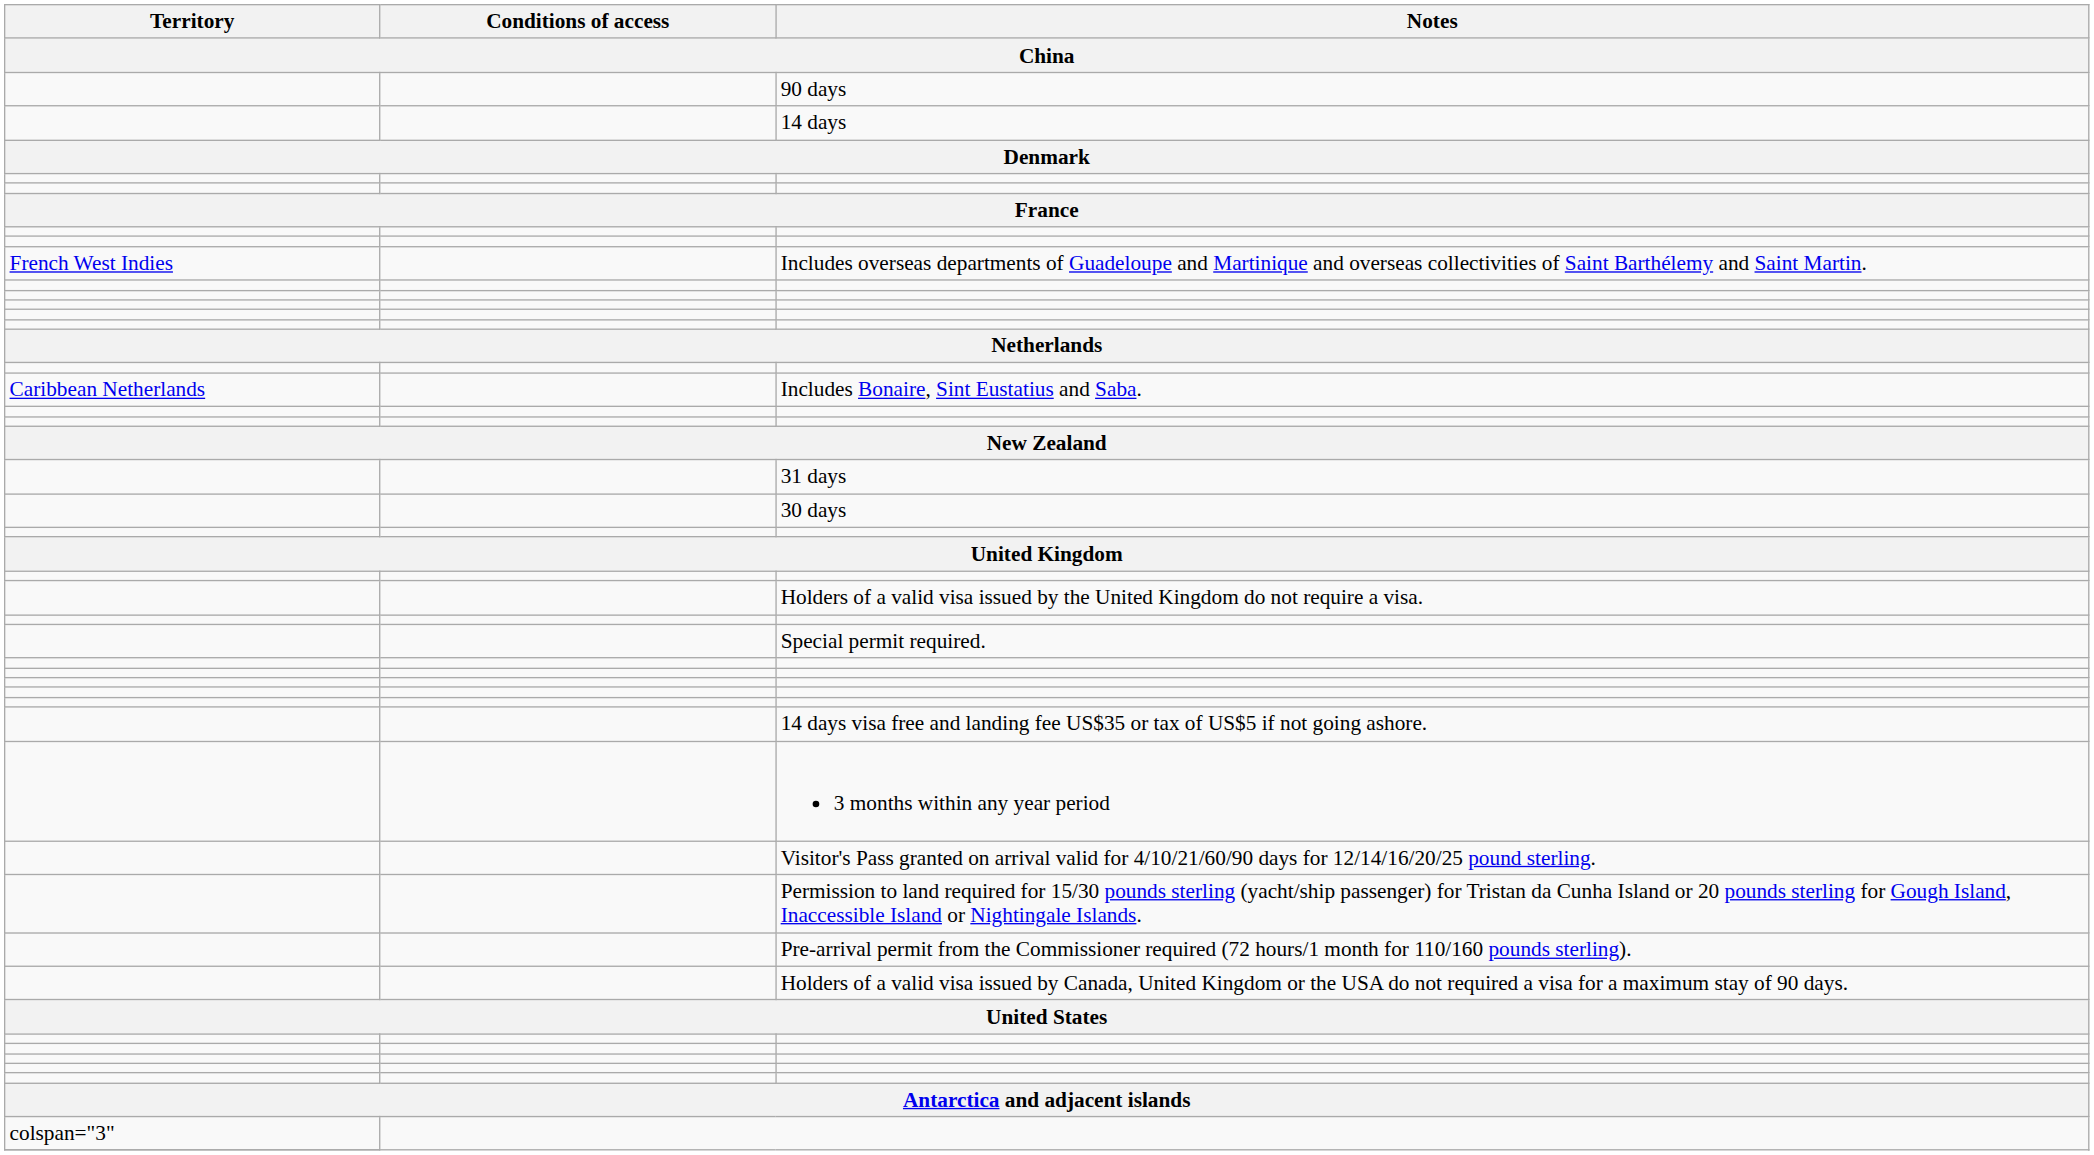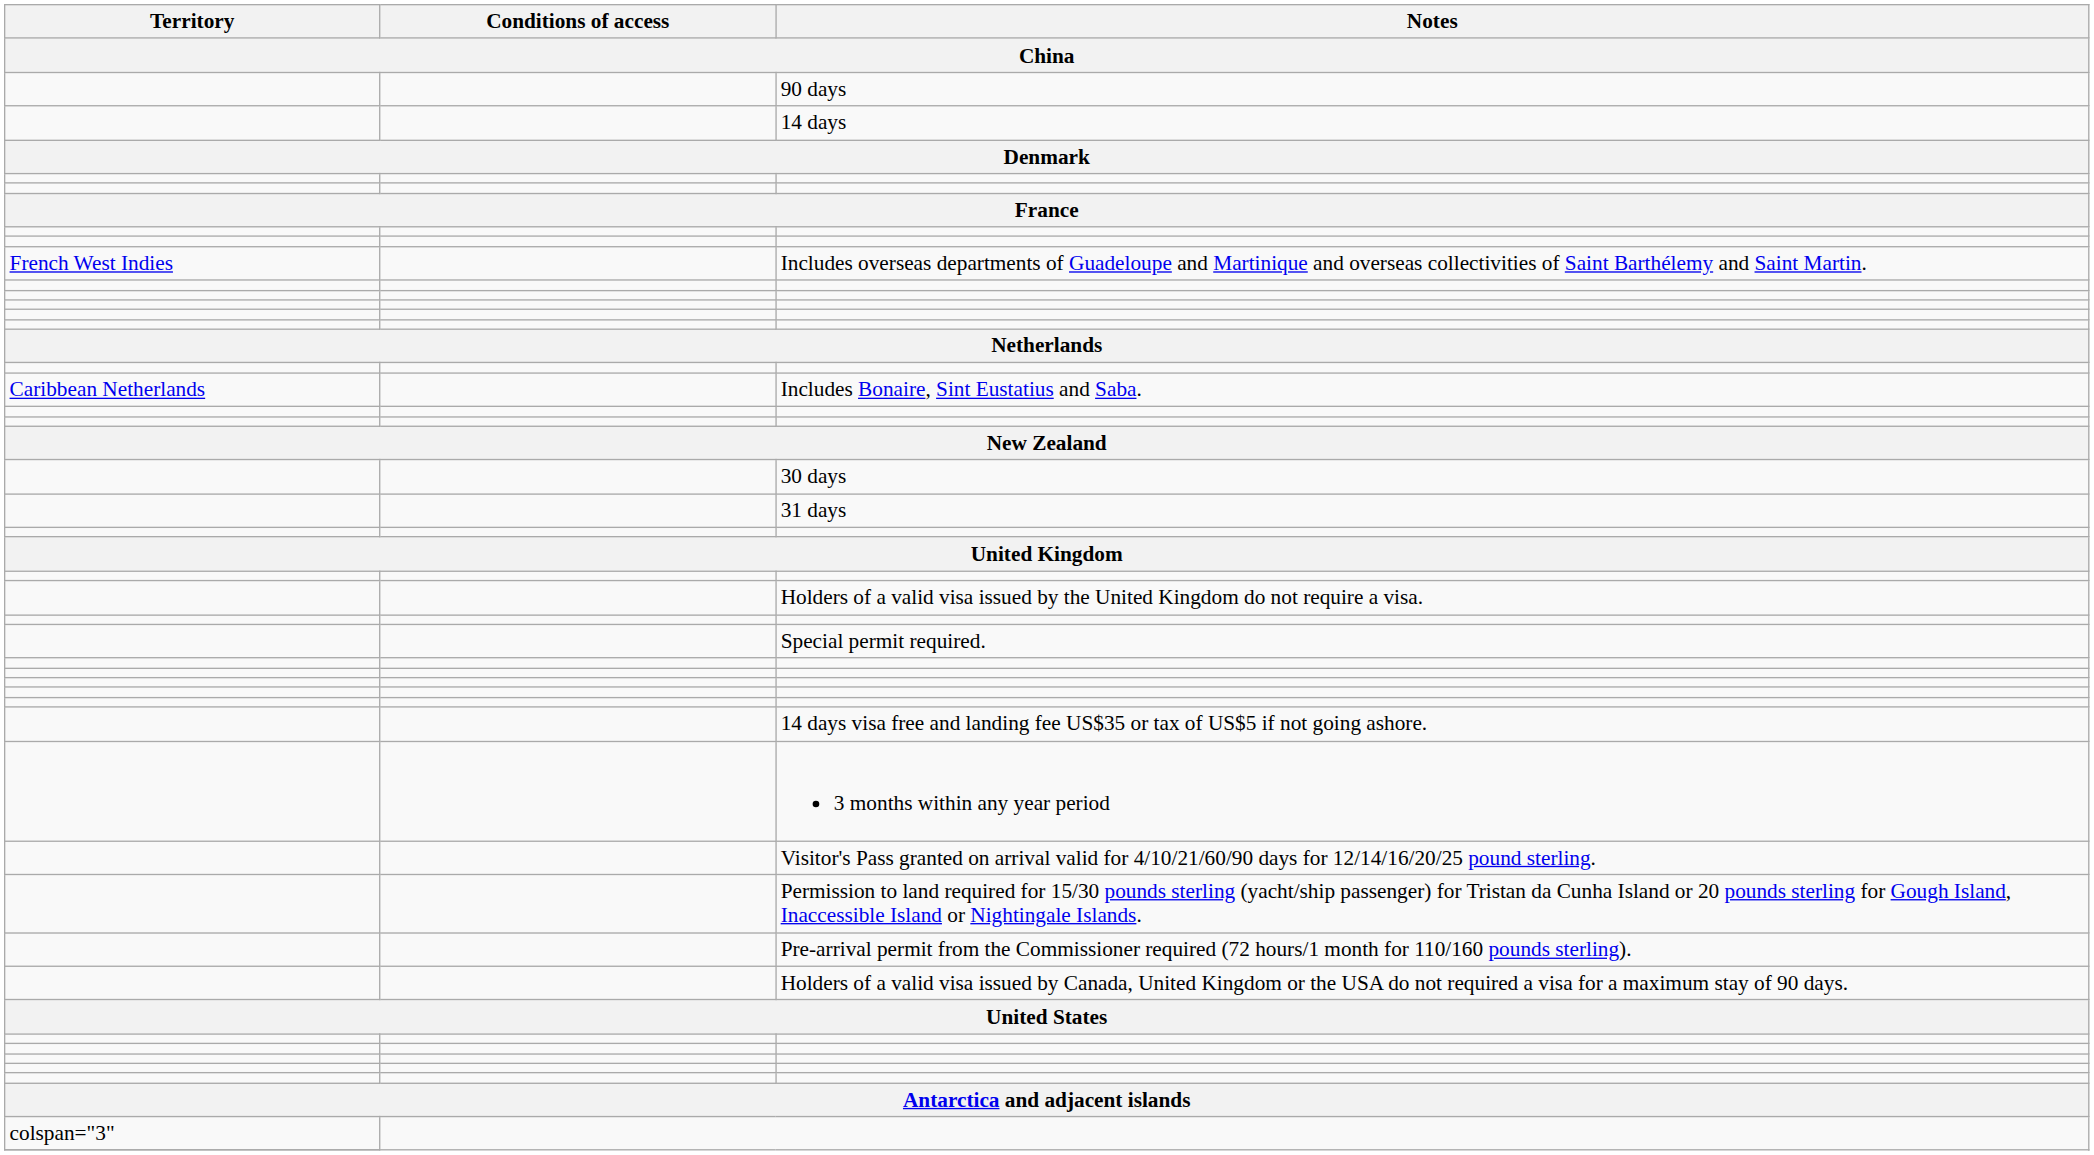 <table class="wikitable" style="text-align: left; table-layout: fixed;">
 <tr>
 <th width="18%">Territory</th>
 <th width="19%">Conditions of access</th>
 <th>Notes</th>
 </tr>
 <tr>
 <th colspan="3">China</th>
 </tr>
 <tr>
 <td></td>
 <td></td>
 <td>90 days</td>
 </tr>
 <tr>
 <td></td>
 <td></td>
 <td>14 days</td>
 </tr>
 <tr>
 <th colspan="3">Denmark</th>
 </tr>
 <tr>
 <td></td>
 <td></td>
 <td></td>
 </tr>
 <tr>
 <td></td>
 <td></td>
 <td></td>
 </tr>
 <tr>
 <th colspan="3">France</th>
 </tr>
 <tr>
 <td></td>
 <td></td>
 <td></td>
 </tr>
 <tr>
 <td></td>
 <td></td>
 <td></td>
 </tr>
 <tr>
 <td> <a href='#'>French West Indies</a></td>
 <td></td>
 <td>Includes overseas departments of <a href='#'>Guadeloupe</a> and <a href='#'>Martinique</a> and overseas collectivities of <a href='#'>Saint Barthélemy</a> and <a href='#'>Saint Martin</a>.</td>
 </tr>
 <tr>
 <td></td>
 <td></td>
 <td></td>
 </tr>
 <tr>
 <td></td>
 <td></td>
 <td></td>
 </tr>
 <tr>
 <td></td>
 <td></td>
 <td></td>
 </tr>
 <tr>
 <td></td>
 <td></td>
 <td></td>
 </tr>
 <tr>
 <td></td>
 <td></td>
 <td></td>
 </tr>
 <tr>
 <th colspan="3">Netherlands</th>
 </tr>
 <tr>
 <td></td>
 <td></td>
 <td></td>
 </tr>
 <tr>
 <td> <a href='#'>Caribbean Netherlands</a></td>
 <td></td>
 <td>Includes <a href='#'>Bonaire</a>, <a href='#'>Sint Eustatius</a> and <a href='#'>Saba</a>.</td>
 </tr>
 <tr>
 <td></td>
 <td></td>
 <td></td>
 </tr>
 <tr>
 <td></td>
 <td></td>
 <td></td>
 </tr>
 <tr>
 <th colspan="3">New Zealand</th>
 </tr>
 <tr>
 <td></td>
 <td></td>
-<td>31 days</td>
+<td>30 days</td>
 </tr>
 <tr>
 <td></td>
 <td></td>
-<td>30 days</td>
+<td>31 days</td>
 </tr>
 <tr>
 <td></td>
 <td></td>
 <td></td>
 </tr>
 <tr>
 <th colspan="3">United Kingdom</th>
 </tr>
 <tr>
 <td></td>
 <td></td>
 <td></td>
 </tr>
 <tr>
 <td></td>
 <td></td>
 <td>Holders of a valid visa issued by the United Kingdom do not require a visa.</td>
 </tr>
 <tr>
 <td></td>
 <td></td>
 <td></td>
 </tr>
 <tr>
 <td></td>
 <td></td>
 <td>Special permit required.</td>
 </tr>
 <tr>
 <td></td>
 <td></td>
 <td></td>
 </tr>
 <tr>
 <td></td>
 <td></td>
 <td></td>
 </tr>
 <tr>
 <td></td>
 <td></td>
 <td></td>
 </tr>
 <tr>
 <td></td>
 <td></td>
 <td></td>
 </tr>
 <tr>
 <td></td>
 <td></td>
 <td></td>
 </tr>
 <tr>
 <td></td>
 <td></td>
 <td>14 days visa free and landing fee US$35 or tax of US$5 if not going ashore.</td>
 </tr>
 <tr>
 <td></td>
 <td></td>
 <td><br><ul><li>3 months within any year period</li></ul></td>
 </tr>
 <tr>
 <td></td>
 <td></td>
 <td>Visitor's Pass granted on arrival valid for 4/10/21/60/90 days for 12/14/16/20/25 <a href='#'>pound sterling</a>.</td>
 </tr>
 <tr>
 <td></td>
 <td></td>
 <td>Permission to land required for 15/30 <a href='#'>pounds sterling</a> (yacht/ship passenger) for Tristan da Cunha Island or 20 <a href='#'>pounds sterling</a> for <a href='#'>Gough Island</a>, <a href='#'>Inaccessible Island</a> or <a href='#'>Nightingale Islands</a>.</td>
 </tr>
 <tr>
 <td></td>
 <td></td>
 <td>Pre-arrival permit from the Commissioner required (72 hours/1 month for 110/160 <a href='#'>pounds sterling</a>).</td>
 </tr>
 <tr>
 <td></td>
 <td></td>
 <td>Holders of a valid visa issued by Canada, United Kingdom or the USA do not required a visa for a maximum stay of 90 days.</td>
 </tr>
 <tr>
 <th colspan="3">United States</th>
 </tr>
 <tr>
 <td></td>
 <td></td>
 <td></td>
 </tr>
 <tr>
 <td></td>
 <td></td>
 <td></td>
 </tr>
 <tr>
 <td></td>
 <td></td>
 <td></td>
 </tr>
 <tr>
 <td></td>
 <td></td>
 <td></td>
 </tr>
 <tr>
 <td></td>
 <td></td>
 <td></td>
 </tr>
 <tr>
 <th colspan="3"><a href='#'>Antarctica</a> and adjacent islands</th>
 </tr>
 <tr>
 <td>colspan="3" </td>
 </tr>
 <tr>
 </tr>
 </table>
